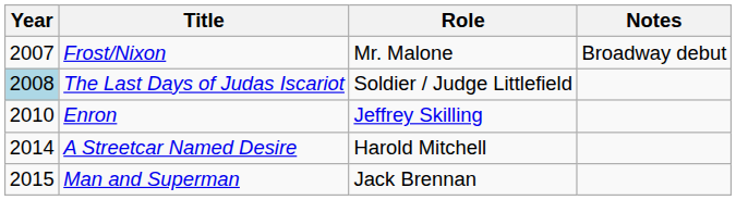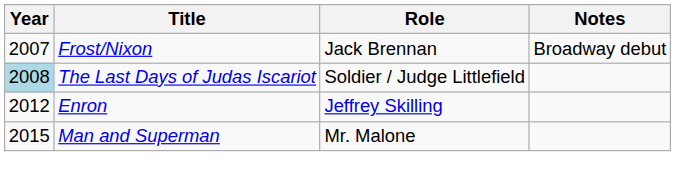 <table class="wikitable sortable">
 <tr>
 <th>Year</th>
 <th>Title</th>
 <th>Role</th>
 <th>Notes</th>
 </tr>
 <tr>
 <td>2007</td>
 <td><em><a href='#'>Frost/Nixon</a></em></td>
-<td>Mr. Malone</td>
+<td>Jack Brennan</td>
 <td>Broadway debut</td>
 </tr>
 <tr>
 <td style="background: lightblue;">2008</td>
 <td><em><a href='#'>The Last Days of Judas Iscariot</a></em></td>
 <td>Soldier / Judge Littlefield</td>
 <td></td>
 </tr>
 <tr>
-<td>2010</td>
+<td>2012</td>
 <td><em><a href='#'>Enron</a></em></td>
 <td><a href='#'>Jeffrey Skilling</a></td>
 <td></td>
 </tr>
 <tr>
-<td>2014</td>
-<td><em><a href='#'>A Streetcar Named Desire</a></em></td>
-<td>Harold Mitchell</td>
-<td></td>
-</tr>
-<tr>
 <td>2015</td>
 <td><em><a href='#'>Man and Superman</a></em></td>
-<td>Jack Brennan</td>
+<td>Mr. Malone</td>
 <td></td>
 </tr>
 </table>
